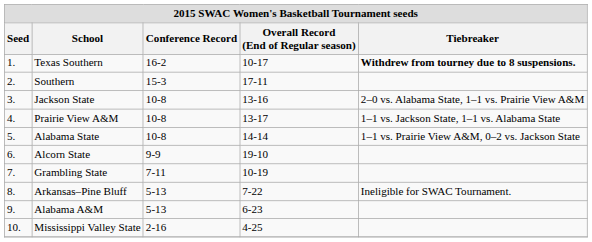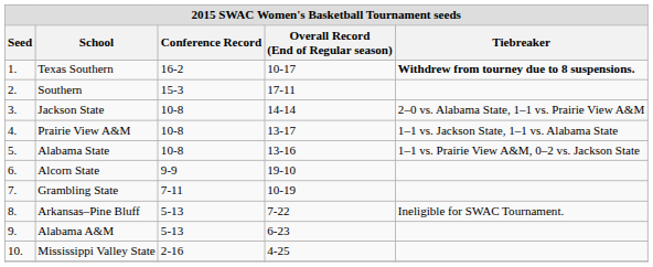 <table class="wikitable" style="white-space:nowrap; font-size:90%;">
 <tr>
 <td colspan="7" style="text-align:center; background:#DDDDDD; font:#000000"><strong>2015 SWAC Women's Basketball Tournament seeds</strong></td>
 </tr>
 <tr bgcolor="#efefef">
 <th>Seed</th>
 <th>School</th>
 <th>Conference Record</th>
 <th>Overall Record <br>(End of Regular season)</th>
 <th>Tiebreaker</th>
 </tr>
 <tr>
 <td>1.</td>
 <td>Texas Southern</td>
 <td>16-2</td>
 <td>10-17</td>
 <td><strong>Withdrew from tourney due to 8 suspensions.</strong></td>
 </tr>
 <tr>
 <td>2.</td>
 <td>Southern</td>
 <td>15-3</td>
 <td>17-11</td>
 <td></td>
 </tr>
 <tr>
 <td>3.</td>
 <td>Jackson State</td>
 <td>10-8</td>
-<td>13-16</td>
+<td>14-14</td>
 <td>2–0 vs. Alabama State, 1–1 vs. Prairie View A&M</td>
 </tr>
 <tr>
 <td>4.</td>
 <td>Prairie View A&M</td>
 <td>10-8</td>
 <td>13-17</td>
 <td>1–1 vs. Jackson State, 1–1 vs. Alabama State</td>
 </tr>
 <tr>
 <td>5.</td>
 <td>Alabama State</td>
 <td>10-8</td>
-<td>14-14</td>
+<td>13-16</td>
 <td>1–1 vs. Prairie View A&M, 0–2 vs. Jackson State</td>
 </tr>
 <tr>
 <td>6.</td>
 <td>Alcorn State</td>
 <td>9-9</td>
 <td>19-10</td>
 <td></td>
 </tr>
 <tr>
 <td>7.</td>
 <td>Grambling State</td>
 <td>7-11</td>
 <td>10-19</td>
 <td></td>
 </tr>
 <tr>
 <td>8.</td>
 <td>Arkansas–Pine Bluff</td>
 <td>5-13</td>
 <td>7-22</td>
 <td>Ineligible for SWAC Tournament.</td>
 </tr>
 <tr>
 <td>9.</td>
 <td>Alabama A&M</td>
 <td>5-13</td>
 <td>6-23</td>
 <td></td>
 </tr>
 <tr>
 <td>10.</td>
 <td>Mississippi Valley State</td>
 <td>2-16</td>
 <td>4-25</td>
 <td></td>
 </tr>
 <tr>
 </tr>
 </table>
